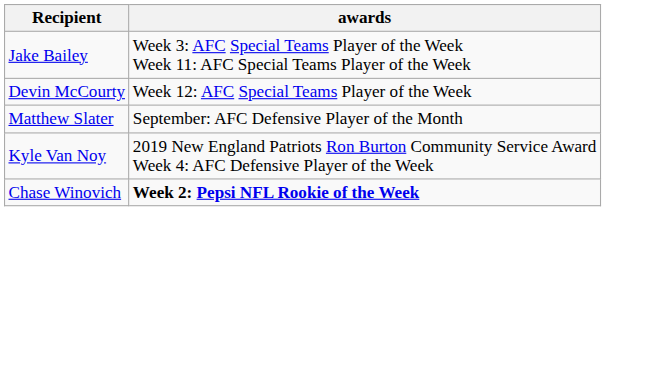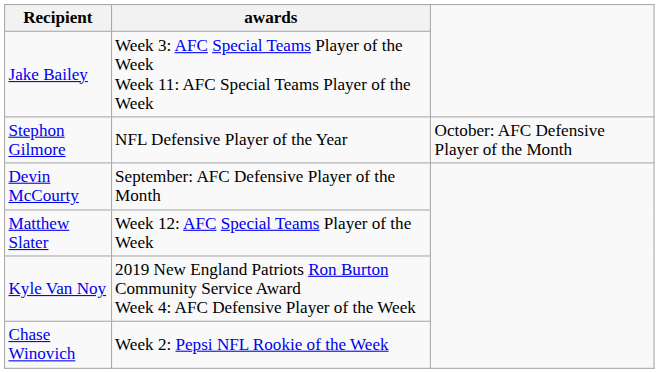 <table class="wikitable">
 <tr>
 <th>Recipient</th>
 <th>awards</th>
 </tr>
 <tr>
 <td><a href='#'>Jake Bailey</a></td>
 <td>Week 3: <a href='#'>AFC</a> <a href='#'>Special Teams</a> Player of the Week<br>Week 11: AFC Special Teams Player of the Week</td>
 </tr>
 <tr>
+<td><a href='#'>Stephon Gilmore</a></td>
+<td>NFL Defensive Player of the Year</td>
+<td>October: AFC Defensive Player of the Month</td>
+</tr>
+<tr>
 <td><a href='#'>Devin McCourty</a></td>
-<td>Week 12: <a href='#'>AFC</a> <a href='#'>Special Teams</a> Player of the Week</td>
+<td>September: AFC Defensive Player of the Month</td>
 </tr>
 <tr>
 <td><a href='#'>Matthew Slater</a></td>
-<td>September: AFC Defensive Player of the Month</td>
+<td>Week 12: <a href='#'>AFC</a> <a href='#'>Special Teams</a> Player of the Week</td>
 </tr>
 <tr>
 <td><a href='#'>Kyle Van Noy</a></td>
 <td>2019 New England Patriots <a href='#'>Ron Burton</a> Community Service Award<br>Week 4: AFC Defensive Player of the Week</td>
 </tr>
 <tr>
 <td><a href='#'>Chase Winovich</a></td>
-<td><strong>Week 2: <a href='#'>Pepsi NFL Rookie of the Week</a></strong></td>
+<td>Week 2: <a href='#'>Pepsi NFL Rookie of the Week</a></td>
 </tr>
 </table>
